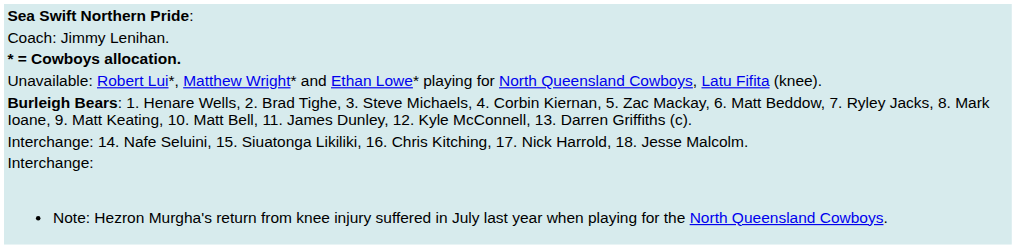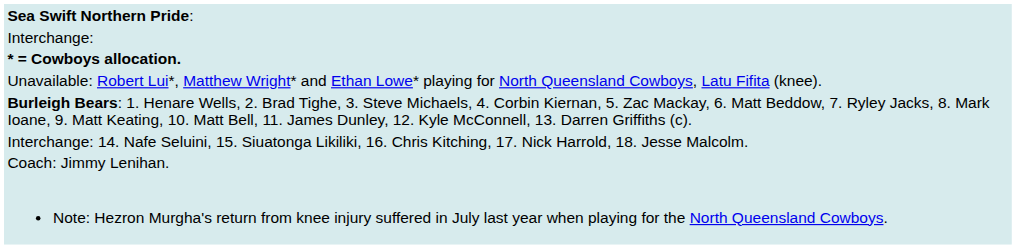 <table style="background:#d7ebed; font-size:85%; width:100%;">
 <tr>
 <td><strong>Sea Swift Northern Pride</strong>:             </td>
 </tr>
 <tr>
-<td>Coach: Jimmy Lenihan.</td>
+<td>Interchange:    </td>
 </tr>
 <tr>
 <td><strong>* = Cowboys allocation.</strong></td>
 </tr>
 <tr>
 <td>Unavailable: <a href='#'>Robert Lui</a>*, <a href='#'>Matthew Wright</a>* and <a href='#'>Ethan Lowe</a>* playing for <a href='#'>North Queensland Cowboys</a>, <a href='#'>Latu Fifita</a> (knee).</td>
 </tr>
 <tr>
 <td><strong>Burleigh Bears</strong>: 1. Henare Wells, 2. Brad Tighe, 3. Steve Michaels, 4. Corbin Kiernan, 5. Zac Mackay, 6. Matt Beddow, 7. Ryley Jacks, 8. Mark Ioane, 9. Matt Keating, 10. Matt Bell, 11. James Dunley, 12. Kyle McConnell, 13. Darren Griffiths (c).</td>
 </tr>
 <tr>
 <td>Interchange: 14. Nafe Seluini, 15. Siuatonga Likiliki, 16. Chris Kitching, 17. Nick Harrold, 18. Jesse Malcolm.</td>
 </tr>
 <tr>
-<td>Interchange:    </td>
+<td>Coach: Jimmy Lenihan.</td>
 </tr>
 <tr>
 <td><br><ul><li>Note: Hezron Murgha's return from knee injury suffered in July last year when playing for the <a href='#'>North Queensland Cowboys</a>.</li></ul></td>
 </tr>
 </table>
